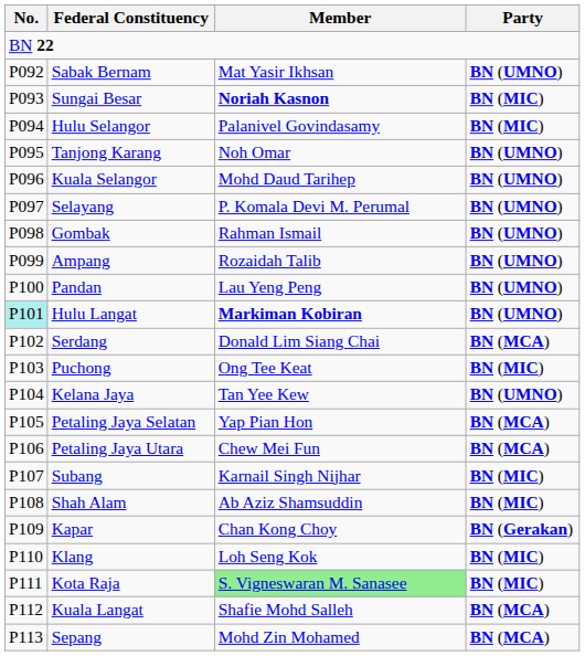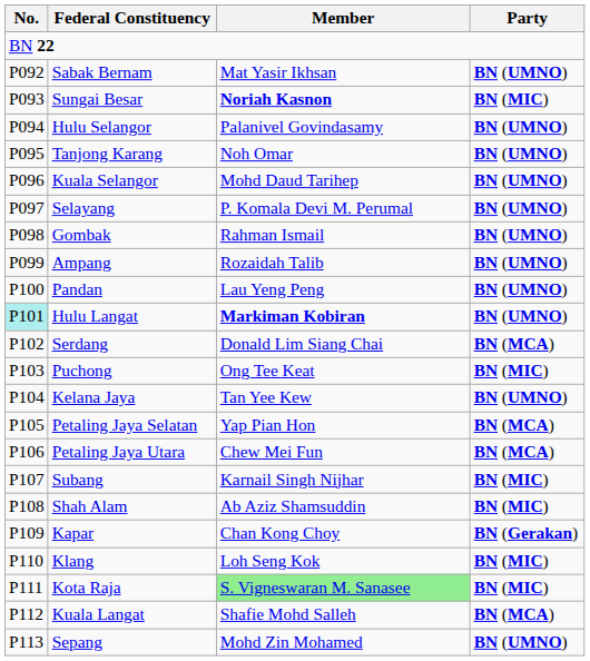 <table class="wikitable sortable">
 <tr>
 <th style="width:30px;">No.</th>
 <th style="width:150px;">Federal Constituency</th>
 <th style="width:230px;">Member</th>
 <th style="width:100px;">Party</th>
 </tr>
 <tr>
 <td colspan="4"><a href='#'>BN</a> <strong>22</strong></td>
 </tr>
 <tr>
 <td>P092</td>
 <td><a href='#'>Sabak Bernam</a></td>
 <td><a href='#'>Mat Yasir Ikhsan</a></td>
 <td><strong><a href='#'>BN</a></strong> (<strong><a href='#'>UMNO</a></strong>)</td>
 </tr>
 <tr>
 <td>P093</td>
 <td><a href='#'>Sungai Besar</a></td>
 <td><strong><a href='#'>Noriah Kasnon</a></strong></td>
 <td><strong><a href='#'>BN</a></strong> (<strong><a href='#'>MIC</a></strong>)</td>
 </tr>
 <tr>
 <td>P094</td>
 <td><a href='#'>Hulu Selangor</a></td>
 <td><a href='#'>Palanivel Govindasamy</a></td>
-<td><strong><a href='#'>BN</a></strong> (<strong><a href='#'>MIC</a></strong>)</td>
+<td><strong><a href='#'>BN</a></strong> (<strong><a href='#'>UMNO</a></strong>)</td>
 </tr>
 <tr>
 <td>P095</td>
 <td><a href='#'>Tanjong Karang</a></td>
 <td><a href='#'>Noh Omar</a></td>
 <td><strong><a href='#'>BN</a></strong> (<strong><a href='#'>UMNO</a></strong>)</td>
 </tr>
 <tr>
 <td>P096</td>
 <td><a href='#'>Kuala Selangor</a></td>
 <td><a href='#'>Mohd Daud Tarihep</a></td>
 <td><strong><a href='#'>BN</a></strong> (<strong><a href='#'>UMNO</a></strong>)</td>
 </tr>
 <tr>
 <td>P097</td>
 <td><a href='#'>Selayang</a></td>
 <td><a href='#'>P. Komala Devi M. Perumal</a></td>
 <td><strong><a href='#'>BN</a></strong> (<strong><a href='#'>UMNO</a></strong>)</td>
 </tr>
 <tr>
 <td>P098</td>
 <td><a href='#'>Gombak</a></td>
 <td><a href='#'>Rahman Ismail</a></td>
 <td><strong><a href='#'>BN</a></strong> (<strong><a href='#'>UMNO</a></strong>)</td>
 </tr>
 <tr>
 <td>P099</td>
 <td><a href='#'>Ampang</a></td>
 <td><a href='#'>Rozaidah Talib</a></td>
 <td><strong><a href='#'>BN</a></strong> (<strong><a href='#'>UMNO</a></strong>)</td>
 </tr>
 <tr>
 <td>P100</td>
 <td><a href='#'>Pandan</a></td>
 <td><a href='#'>Lau Yeng Peng</a></td>
 <td><strong><a href='#'>BN</a></strong> (<strong><a href='#'>UMNO</a></strong>)</td>
 </tr>
 <tr>
 <td style="background: paleturquoise;">P101</td>
 <td><a href='#'>Hulu Langat</a></td>
 <td><strong><a href='#'>Markiman Kobiran</a></strong></td>
 <td><strong><a href='#'>BN</a></strong> (<strong><a href='#'>UMNO</a></strong>)</td>
 </tr>
 <tr>
 <td>P102</td>
 <td><a href='#'>Serdang</a></td>
 <td><a href='#'>Donald Lim Siang Chai</a></td>
 <td><strong><a href='#'>BN</a></strong> (<strong><a href='#'>MCA</a></strong>)</td>
 </tr>
 <tr>
 <td>P103</td>
 <td><a href='#'>Puchong</a></td>
 <td><a href='#'>Ong Tee Keat</a></td>
 <td><strong><a href='#'>BN</a></strong> (<strong><a href='#'>MIC</a></strong>)</td>
 </tr>
 <tr>
 <td>P104</td>
 <td><a href='#'>Kelana Jaya</a></td>
 <td><a href='#'>Tan Yee Kew</a></td>
 <td><strong><a href='#'>BN</a></strong> (<strong><a href='#'>UMNO</a></strong>)</td>
 </tr>
 <tr>
 <td>P105</td>
 <td><a href='#'>Petaling Jaya Selatan</a></td>
 <td><a href='#'>Yap Pian Hon</a></td>
 <td><strong><a href='#'>BN</a></strong> (<strong><a href='#'>MCA</a></strong>)</td>
 </tr>
 <tr>
 <td>P106</td>
 <td><a href='#'>Petaling Jaya Utara</a></td>
 <td><a href='#'>Chew Mei Fun</a></td>
 <td><strong><a href='#'>BN</a></strong> (<strong><a href='#'>MCA</a></strong>)</td>
 </tr>
 <tr>
 <td>P107</td>
 <td><a href='#'>Subang</a></td>
 <td><a href='#'>Karnail Singh Nijhar</a></td>
 <td><strong><a href='#'>BN</a></strong> (<strong><a href='#'>MIC</a></strong>)</td>
 </tr>
 <tr>
 <td>P108</td>
 <td><a href='#'>Shah Alam</a></td>
 <td><a href='#'>Ab Aziz Shamsuddin</a></td>
 <td><strong><a href='#'>BN</a></strong> (<strong><a href='#'>MIC</a></strong>)</td>
 </tr>
 <tr>
 <td>P109</td>
 <td><a href='#'>Kapar</a></td>
 <td><a href='#'>Chan Kong Choy</a></td>
 <td><strong><a href='#'>BN</a></strong> (<strong><a href='#'>Gerakan</a></strong>)</td>
 </tr>
 <tr>
 <td>P110</td>
 <td><a href='#'>Klang</a></td>
 <td><a href='#'>Loh Seng Kok</a></td>
 <td><strong><a href='#'>BN</a></strong> (<strong><a href='#'>MIC</a></strong>)</td>
 </tr>
 <tr>
 <td>P111</td>
 <td><a href='#'>Kota Raja</a></td>
 <td style="background: lightgreen;"><a href='#'>S. Vigneswaran M. Sanasee</a></td>
 <td><strong><a href='#'>BN</a></strong> (<strong><a href='#'>MIC</a></strong>)</td>
 </tr>
 <tr>
 <td>P112</td>
 <td><a href='#'>Kuala Langat</a></td>
 <td><a href='#'>Shafie Mohd Salleh</a></td>
 <td><strong><a href='#'>BN</a></strong> (<strong><a href='#'>MCA</a></strong>)</td>
 </tr>
 <tr>
 <td>P113</td>
 <td><a href='#'>Sepang</a></td>
 <td><a href='#'>Mohd Zin Mohamed</a></td>
-<td><strong><a href='#'>BN</a></strong> (<strong><a href='#'>MCA</a></strong>)</td>
+<td><strong><a href='#'>BN</a></strong> (<strong><a href='#'>UMNO</a></strong>)</td>
 </tr>
 </table>
